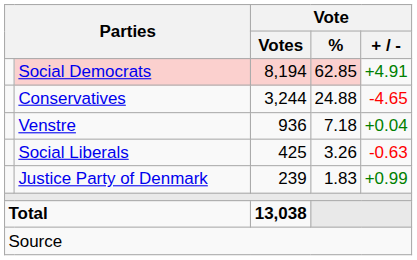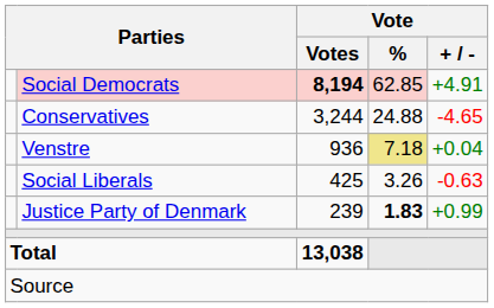 <table class="wikitable" style="text-align:right;">
 <tr>
 <th style="text-align:centre;" rowspan="2" colspan="2" width="225">Parties</th>
 <th colspan="3">Vote</th>
 </tr>
 <tr>
 <th width="15">Votes</th>
 <th width="15">%</th>
 <th width="15">+ / -</th>
 </tr>
 <tr>
 <td width="2" style="color:inherit;background:"></td>
 <td bgcolor=#fbd0ce  align="left"><a href='#'>Social Democrats</a></td>
-<td bgcolor=#fbd0ce>8,194</td>
+<td bgcolor=#fbd0ce><strong>8,194</strong></td>
 <td bgcolor=#fbd0ce>62.85</td>
 <td style=color:green;>+4.91</td>
 </tr>
 <tr>
 <td width="2" style="color:inherit;background:"></td>
 <td align="left"><a href='#'>Conservatives</a></td>
 <td>3,244</td>
 <td>24.88</td>
 <td style=color:red;>-4.65</td>
 </tr>
 <tr>
 <td width="2" style="color:inherit;background:"></td>
 <td align="left"><a href='#'>Venstre</a></td>
 <td>936</td>
-<td>7.18</td>
+<td style="background: khaki;">7.18</td>
 <td style=color:green;>+0.04</td>
 </tr>
 <tr>
 <td width="2" style="color:inherit;background:"></td>
 <td align="left"><a href='#'>Social Liberals</a></td>
 <td>425</td>
 <td>3.26</td>
 <td style=color:red;>-0.63</td>
 </tr>
 <tr>
 <td width="2" style="color:inherit;background:"></td>
 <td align="left"><a href='#'>Justice Party of Denmark</a></td>
 <td>239</td>
-<td>1.83</td>
+<td><strong>1.83</strong></td>
 <td style=color:green;>+0.99</td>
 </tr>
 <tr>
 <td colspan="7" bgcolor="#E9E9E9"></td>
 </tr>
 <tr>
 <td align="left" colspan="2"><strong>Total</strong></td>
 <td><strong>13,038</strong></td>
 <td bgcolor="#E9E9E9" colspan="2"></td>
 </tr>
 <tr>
 <td align="left" colspan="6">Source</td>
 </tr>
 </table>
